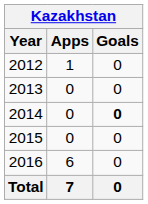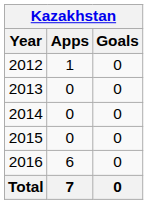 <table class="wikitable" style="text-align:center">
 <tr>
 <th colspan=3><a href='#'>Kazakhstan</a></th>
 </tr>
 <tr>
 <th>Year</th>
 <th>Apps</th>
 <th>Goals</th>
 </tr>
 <tr>
 <td>2012</td>
 <td>1</td>
 <td>0</td>
 </tr>
 <tr>
 <td>2013</td>
 <td>0</td>
 <td>0</td>
 </tr>
 <tr>
 <td>2014</td>
 <td>0</td>
-<td><strong>0</strong></td>
+<td>0</td>
 </tr>
 <tr>
 <td>2015</td>
 <td>0</td>
 <td>0</td>
 </tr>
 <tr>
 <td>2016</td>
 <td>6</td>
 <td>0</td>
 </tr>
 <tr>
 <th>Total</th>
 <th>7</th>
 <th>0</th>
 </tr>
 </table>
